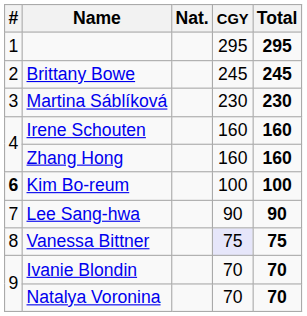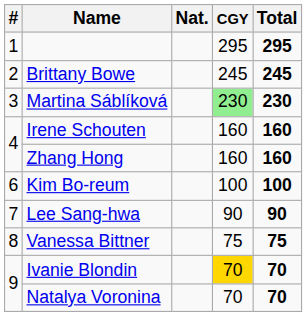 <table class="wikitable" style="text-align:center;">
 <tr>
 <th>#</th>
 <th>Name</th>
 <th>Nat.</th>
 <th><small>CGY</small></th>
 <th>Total</th>
 </tr>
 <tr>
 <td>1</td>
 <td align=left></td>
 <td></td>
 <td>295</td>
 <td><strong>295</strong></td>
 </tr>
 <tr>
 <td>2</td>
 <td align=left><a href='#'>Brittany Bowe</a></td>
 <td></td>
 <td>245</td>
 <td><strong>245</strong></td>
 </tr>
 <tr>
 <td>3</td>
 <td align=left><a href='#'>Martina Sáblíková</a></td>
 <td></td>
-<td>230</td>
+<td style="background: lightgreen;">230</td>
 <td><strong>230</strong></td>
 </tr>
 <tr>
 <td rowspan=2>4</td>
 <td align=left><a href='#'>Irene Schouten</a></td>
 <td></td>
 <td>160</td>
 <td><strong>160</strong></td>
 </tr>
 <tr>
 <td align=left><a href='#'>Zhang Hong</a></td>
 <td></td>
 <td>160</td>
 <td><strong>160</strong></td>
 </tr>
 <tr>
-<td><strong>6</strong></td>
+<td>6</td>
 <td align=left><a href='#'>Kim Bo-reum</a></td>
 <td></td>
 <td>100</td>
 <td><strong>100</strong></td>
 </tr>
 <tr>
 <td>7</td>
 <td align=left><a href='#'>Lee Sang-hwa</a></td>
 <td></td>
 <td>90</td>
 <td><strong>90</strong></td>
 </tr>
 <tr>
 <td>8</td>
 <td align=left><a href='#'>Vanessa Bittner</a></td>
 <td></td>
-<td style="background: lavender;">75</td>
+<td>75</td>
 <td><strong>75</strong></td>
 </tr>
 <tr>
 <td rowspan=2>9</td>
 <td align=left><a href='#'>Ivanie Blondin</a></td>
 <td></td>
-<td>70</td>
+<td style="background: gold;">70</td>
 <td><strong>70</strong></td>
 </tr>
 <tr>
 <td align=left><a href='#'>Natalya Voronina</a></td>
 <td></td>
 <td>70</td>
 <td><strong>70</strong></td>
 </tr>
 </table>
